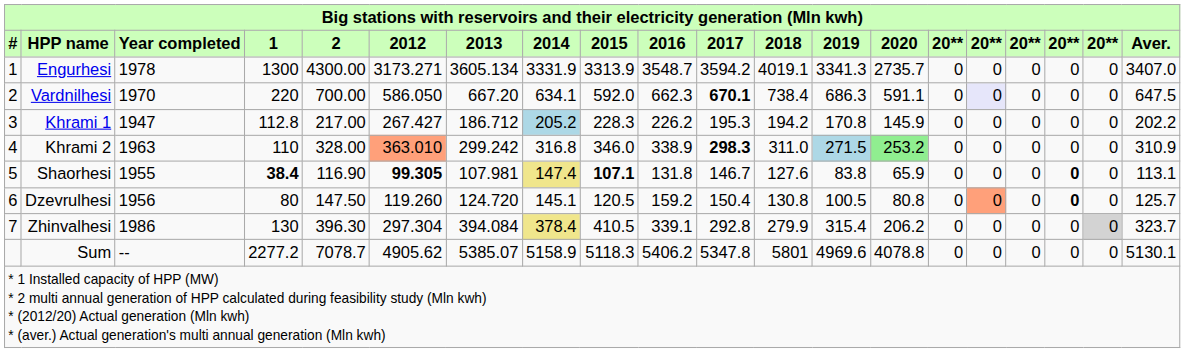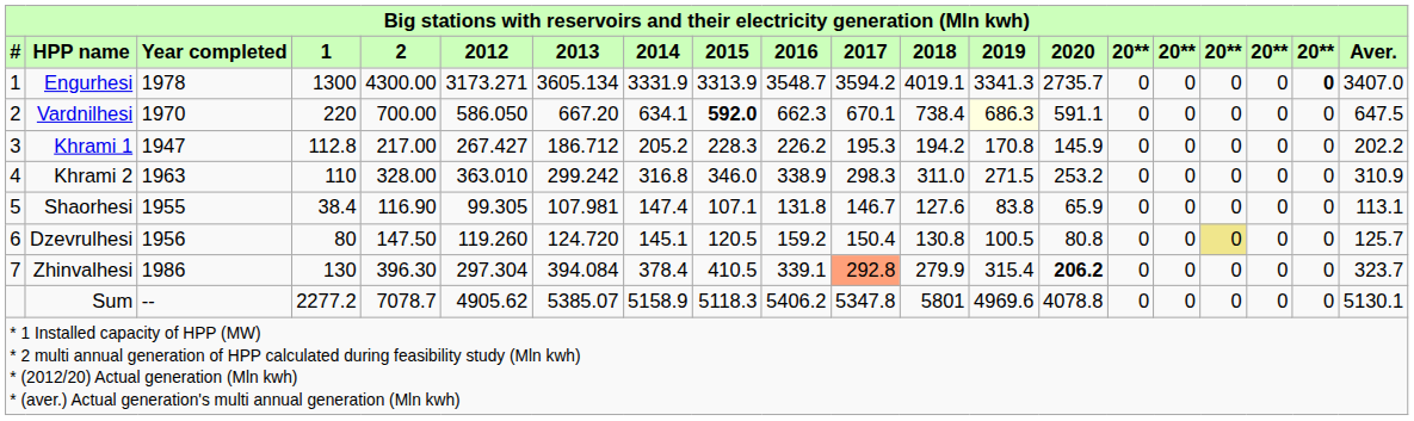 <table class="wikitable" style="text-align:right;">
 <tr>
 <th colspan="20"  style="text-align:center; background:#cfb;">Big stations with reservoirs and their electricity generation (Mln kwh)</th>
 </tr>
 <tr>
 <th style="background:#cfb;">#</th>
 <th style="background:#cfb;">HPP name</th>
 <th style="background:#cfb;">Year completed</th>
 <th style="background:#cfb;">1</th>
 <th style="background:#cfb;">2</th>
 <th style="background:#cfb;">2012</th>
 <th style="background:#cfb;">2013</th>
 <th style="background:#cfb;">2014</th>
 <th style="background:#cfb;">2015</th>
 <th style="background:#cfb;">2016</th>
 <th style="background:#cfb;">2017</th>
 <th style="background:#cfb;">2018</th>
 <th style="background:#cfb;">2019</th>
 <th style="background:#cfb;">2020</th>
 <th style="background:#cfb;">20**</th>
 <th style="background:#cfb;">20**</th>
 <th style="background:#cfb;">20**</th>
 <th style="background:#cfb;">20**</th>
 <th style="background:#cfb;">20**</th>
 <th style="background:#cfb;">Aver.</th>
 </tr>
 <tr>
 <td>1</td>
 <td><a href='#'>Engurhesi</a></td>
 <td align=left>1978</td>
 <td>1300</td>
 <td>4300.00</td>
 <td>3173.271</td>
 <td>3605.134</td>
 <td>3331.9</td>
 <td>3313.9</td>
 <td>3548.7</td>
 <td>3594.2</td>
 <td>4019.1</td>
 <td>3341.3</td>
 <td>2735.7</td>
 <td>0</td>
 <td>0</td>
 <td>0</td>
 <td>0</td>
-<td>0</td>
+<td><strong>0</strong></td>
 <td>3407.0</td>
 </tr>
 <tr>
 <td>2</td>
 <td><a href='#'>Vardnilhesi</a></td>
 <td align=left>1970</td>
 <td>220</td>
 <td>700.00</td>
 <td>586.050</td>
 <td>667.20</td>
 <td>634.1</td>
-<td>592.0</td>
+<td><strong>592.0</strong></td>
 <td>662.3</td>
-<td><strong>670.1</strong></td>
+<td>670.1</td>
 <td>738.4</td>
-<td>686.3</td>
+<td style="background: lightyellow;">686.3</td>
 <td>591.1</td>
 <td>0</td>
-<td style="background: lavender;">0</td>
+<td>0</td>
 <td>0</td>
 <td>0</td>
 <td>0</td>
 <td>647.5</td>
 </tr>
 <tr>
 <td>3</td>
 <td><a href='#'>Khrami 1</a></td>
 <td align=left>1947</td>
 <td>112.8</td>
 <td>217.00</td>
 <td>267.427</td>
 <td>186.712</td>
-<td style="background: lightblue;">205.2</td>
+<td>205.2</td>
 <td>228.3</td>
 <td>226.2</td>
 <td>195.3</td>
 <td>194.2</td>
 <td>170.8</td>
 <td>145.9</td>
 <td>0</td>
 <td>0</td>
 <td>0</td>
 <td>0</td>
 <td>0</td>
 <td>202.2</td>
 </tr>
 <tr>
 <td>4</td>
 <td>Khrami 2</td>
 <td align=left>1963</td>
 <td>110</td>
 <td>328.00</td>
-<td style="background: lightsalmon;">363.010</td>
+<td>363.010</td>
 <td>299.242</td>
 <td>316.8</td>
 <td>346.0</td>
 <td>338.9</td>
-<td><strong>298.3</strong></td>
+<td>298.3</td>
 <td>311.0</td>
-<td style="background: lightblue;">271.5</td>
-<td style="background: lightgreen;">253.2</td>
+<td>271.5</td>
+<td>253.2</td>
 <td>0</td>
 <td>0</td>
 <td>0</td>
 <td>0</td>
 <td>0</td>
 <td>310.9</td>
 </tr>
 <tr>
 <td>5</td>
 <td>Shaorhesi</td>
 <td align=left>1955</td>
-<td><strong>38.4</strong></td>
+<td>38.4</td>
 <td>116.90</td>
-<td><strong>99.305</strong></td>
+<td>99.305</td>
 <td>107.981</td>
-<td style="background: khaki;">147.4</td>
-<td><strong>107.1</strong></td>
+<td>147.4</td>
+<td>107.1</td>
 <td>131.8</td>
 <td>146.7</td>
 <td>127.6</td>
 <td>83.8</td>
 <td>65.9</td>
 <td>0</td>
 <td>0</td>
 <td>0</td>
-<td><strong>0</strong></td>
+<td>0</td>
 <td>0</td>
 <td>113.1</td>
 </tr>
 <tr>
 <td>6</td>
 <td>Dzevrulhesi</td>
 <td align=left>1956</td>
 <td>80</td>
 <td>147.50</td>
 <td>119.260</td>
 <td>124.720</td>
 <td>145.1</td>
 <td>120.5</td>
 <td>159.2</td>
 <td>150.4</td>
 <td>130.8</td>
 <td>100.5</td>
 <td>80.8</td>
 <td>0</td>
-<td style="background: lightsalmon;">0</td>
 <td>0</td>
-<td><strong>0</strong></td>
+<td style="background: khaki;">0</td>
+<td>0</td>
 <td>0</td>
 <td>125.7</td>
 </tr>
 <tr>
 <td>7</td>
 <td>Zhinvalhesi</td>
 <td align=left>1986</td>
 <td>130</td>
 <td>396.30</td>
 <td>297.304</td>
 <td>394.084</td>
-<td style="background: khaki;">378.4</td>
+<td>378.4</td>
 <td>410.5</td>
 <td>339.1</td>
-<td>292.8</td>
+<td style="background: lightsalmon;">292.8</td>
 <td>279.9</td>
 <td>315.4</td>
-<td>206.2</td>
+<td><strong>206.2</strong></td>
 <td>0</td>
 <td>0</td>
 <td>0</td>
 <td>0</td>
-<td style="background: lightgrey;">0</td>
+<td>0</td>
 <td>323.7</td>
 </tr>
 <tr>
 <td></td>
 <td>Sum</td>
 <td align=left>--</td>
 <td>2277.2</td>
 <td>7078.7</td>
 <td>4905.62</td>
 <td>5385.07</td>
 <td>5158.9</td>
 <td>5118.3</td>
 <td>5406.2</td>
 <td>5347.8</td>
 <td>5801</td>
 <td>4969.6</td>
 <td>4078.8</td>
 <td>0</td>
 <td>0</td>
 <td>0</td>
 <td>0</td>
 <td>0</td>
 <td>5130.1</td>
 </tr>
 <tr>
 <td colspan="20" align="left"><small>* 1 Installed capacity of HPP (MW) <br>* 2 multi annual generation of HPP calculated during feasibility study (Mln kwh)<br>* (2012/20) Actual generation (Mln kwh)<br>* (aver.) Actual generation's multi annual generation (Mln kwh)</small></td>
 </tr>
 </table>
